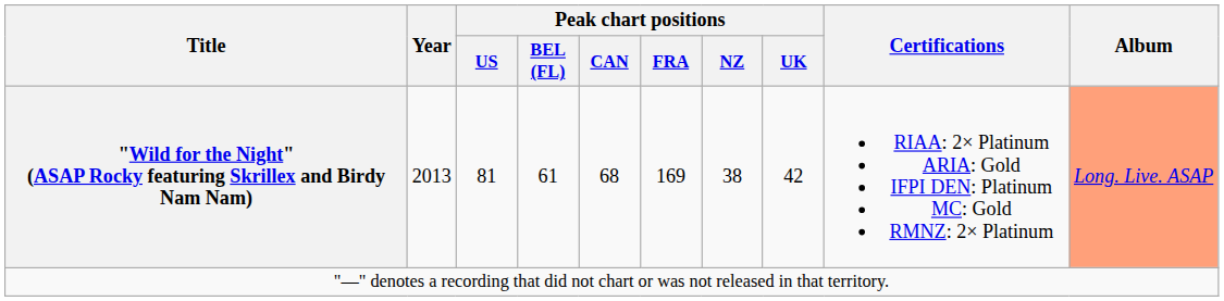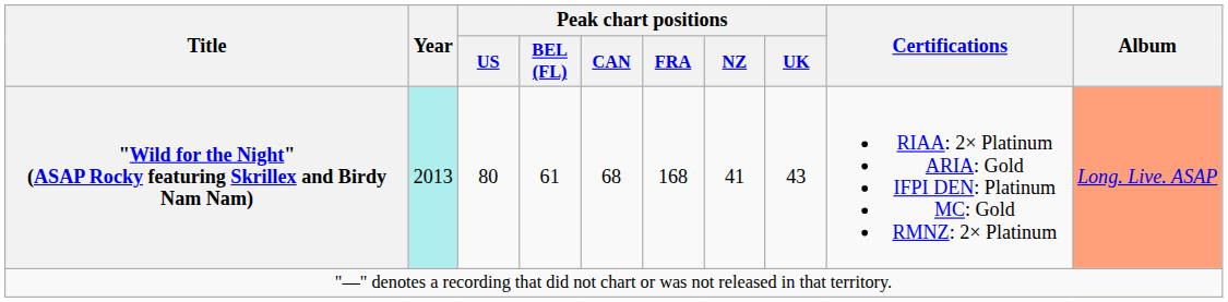 <table class="wikitable plainrowheaders" style="text-align:center;">
 <tr>
 <th scope="col" rowspan="2" style="width:20em;">Title</th>
 <th scope="col" rowspan="2">Year</th>
 <th scope="col" colspan="6">Peak chart positions</th>
 <th scope="col" rowspan="2" style="width:12em;"><a href='#'>Certifications</a></th>
 <th scope="col" rowspan="2">Album</th>
 </tr>
 <tr>
 <th scope="col" style="width:3em;font-size:90%"><a href='#'>US</a><br></th>
 <th scope="col" style="width:3em;font-size:90%;"><a href='#'>BEL (FL)</a></th>
 <th scope="col" style="width:3em;font-size:90%;"><a href='#'>CAN</a><br></th>
 <th scope="col" style="width:3em;font-size:90%;"><a href='#'>FRA</a></th>
 <th scope="col" style="width:3em;font-size:90%;"><a href='#'>NZ</a></th>
 <th scope="col" style="width:3em;font-size:90%;"><a href='#'>UK</a></th>
 </tr>
 <tr>
 <th scope="row">"<a href='#'>Wild for the Night</a>"<br><span>(<a href='#'>ASAP Rocky</a> featuring <a href='#'>Skrillex</a> and Birdy Nam Nam)</span></th>
-<td>2013</td>
-<td>81</td>
+<td style="background: paleturquoise;">2013</td>
+<td>80</td>
 <td>61</td>
 <td>68</td>
-<td>169</td>
-<td>38</td>
-<td>42</td>
+<td>168</td>
+<td>41</td>
+<td>43</td>
 <td><br><ul><li><a href='#'>RIAA</a>: 2× Platinum</li><li><a href='#'>ARIA</a>: Gold</li><li><a href='#'>IFPI DEN</a>: Platinum</li><li><a href='#'>MC</a>: Gold</li><li><a href='#'>RMNZ</a>: 2× Platinum</li></ul></td>
 <td style="background: lightsalmon;"><em><a href='#'>Long. Live. ASAP</a></em></td>
 </tr>
 <tr>
 <td colspan="10" style="font-size:90%">"—" denotes a recording that did not chart or was not released in that territory.</td>
 </tr>
 </table>
